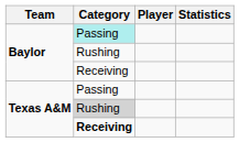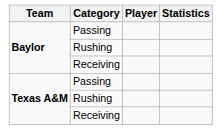 <table class="wikitable" style="float: right;">
 <tr>
 <th>Team</th>
 <th>Category</th>
 <th>Player</th>
 <th>Statistics</th>
 </tr>
 <tr>
 <td rowspan=3><strong>Baylor</strong></td>
-<td style="background: paleturquoise;">Passing</td>
+<td>Passing</td>
 <td></td>
 <td></td>
 </tr>
 <tr>
 <td>Rushing</td>
 <td></td>
 <td></td>
 </tr>
 <tr>
 <td>Receiving</td>
 <td></td>
 <td></td>
 </tr>
 <tr>
 <td rowspan=3><strong>Texas A&M</strong></td>
 <td>Passing</td>
 <td></td>
 <td></td>
 </tr>
 <tr>
-<td style="background: lightgrey;">Rushing</td>
+<td>Rushing</td>
 <td></td>
 <td></td>
 </tr>
 <tr>
-<td><strong>Receiving</strong></td>
+<td>Receiving</td>
 <td></td>
 <td></td>
 </tr>
 </table>
